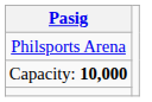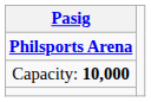 <table class="wikitable" style="text-align:center">
 <tr>
 <th><a href='#'>Pasig</a></th>
 <td rowspan=4></td>
 </tr>
 <tr>
-<td><a href='#'>Philsports Arena</a></td>
+<td><strong><a href='#'>Philsports Arena</a></strong></td>
 </tr>
 <tr>
 <td>Capacity: <strong>10,000</strong></td>
 </tr>
 <tr>
 <td></td>
 </tr>
 </table>
